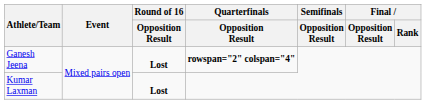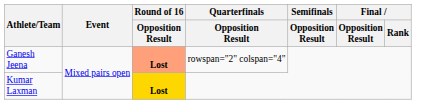 <table class=wikitable style="font-size:90%">
 <tr align=center>
 <th rowspan="2">Athlete/Team</th>
 <th rowspan="2">Event</th>
 <th>Round of 16</th>
 <th>Quarterfinals</th>
 <th>Semifinals</th>
 <th colspan="2">Final / </th>
 </tr>
 <tr>
 <th>Opposition<br>Result</th>
 <th>Opposition<br>Result</th>
 <th>Opposition<br>Result</th>
 <th>Opposition<br>Result</th>
 <th>Rank</th>
 </tr>
 <tr align=center>
 <td align=left><a href='#'>Ganesh</a> <br> <a href='#'>Jeena</a></td>
 <td align=left rowspan="2"><a href='#'>Mixed pairs open</a></td>
-<td><br> <strong>Lost</strong></td>
-<td><strong>rowspan="2" colspan="4" </strong></td>
+<td style="background: lightsalmon;"><br> <strong>Lost</strong></td>
+<td>rowspan="2" colspan="4" </td>
 </tr>
 <tr align=center>
 <td align=left><a href='#'>Kumar</a> <br> <a href='#'>Laxman</a></td>
-<td> <br> <strong>Lost</strong></td>
+<td style="background: gold;"> <br> <strong>Lost</strong></td>
 </tr>
 </table>
